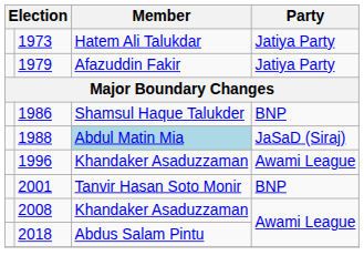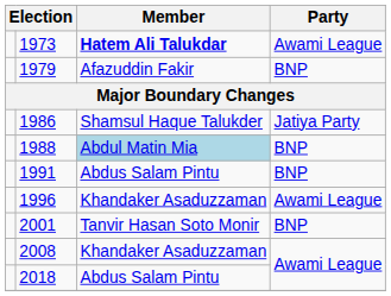 <table class="wikitable">
 <tr>
 <th colspan="2">Election</th>
 <th>Member</th>
 <th>Party</th>
 </tr>
 <tr>
 <td style="background-color:"></td>
 <td><a href='#'>1973</a></td>
-<td><a href='#'>Hatem Ali Talukdar</a></td>
-<td><a href='#'>Jatiya Party</a></td>
+<td><strong><a href='#'>Hatem Ali Talukdar</a></strong></td>
+<td><a href='#'>Awami League</a></td>
 </tr>
 <tr>
 <td style="background-color:"></td>
 <td><a href='#'>1979</a></td>
 <td><a href='#'>Afazuddin Fakir</a></td>
-<td><a href='#'>Jatiya Party</a></td>
+<td><a href='#'>BNP</a></td>
 </tr>
 <tr>
 <th colspan="4">Major Boundary Changes</th>
 </tr>
 <tr>
 <td style="background-color:"></td>
 <td><a href='#'>1986</a></td>
 <td><a href='#'>Shamsul Haque Talukder</a></td>
-<td><a href='#'>BNP</a></td>
+<td><a href='#'>Jatiya Party</a></td>
 </tr>
 <tr>
 <td style="background-color:"></td>
 <td><a href='#'>1988</a></td>
 <td style="background: lightblue;"><a href='#'>Abdul Matin Mia</a></td>
-<td><a href='#'>JaSaD (Siraj)</a></td>
+<td><a href='#'>BNP</a></td>
+</tr>
+<tr>
+<td style="background-color:"></td>
+<td><a href='#'>1991</a></td>
+<td><a href='#'>Abdus Salam Pintu</a></td>
+<td><a href='#'>BNP</a></td>
 </tr>
 <tr>
 <td style="background-color:"></td>
 <td><a href='#'>1996</a></td>
 <td><a href='#'>Khandaker Asaduzzaman</a></td>
 <td><a href='#'>Awami League</a></td>
 </tr>
 <tr>
 <td style="background-color:"></td>
 <td><a href='#'>2001</a></td>
 <td><a href='#'>Tanvir Hasan Soto Monir</a></td>
 <td><a href='#'>BNP</a></td>
 </tr>
 <tr>
 <td style="background-color:"></td>
 <td><a href='#'>2008</a></td>
 <td><a href='#'>Khandaker Asaduzzaman</a></td>
 <td rowspan="2"><a href='#'>Awami League</a></td>
 </tr>
 <tr>
 <td style="background-color:"></td>
 <td><a href='#'>2018</a></td>
 <td><a href='#'>Abdus Salam Pintu</a></td>
 </tr>
 <tr>
 </tr>
 </table>
